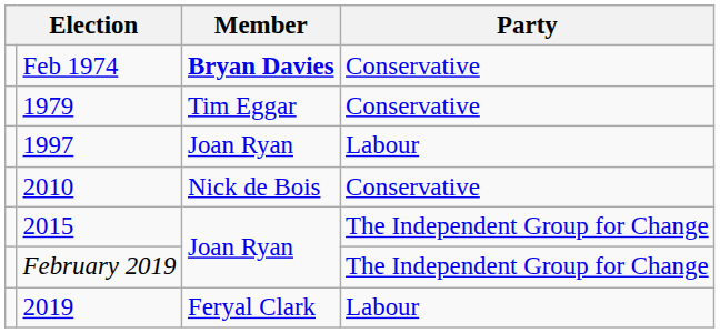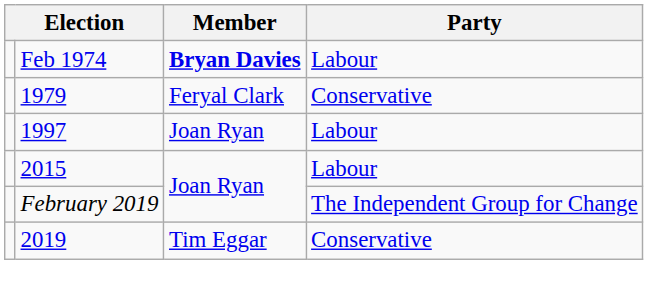 <table class="wikitable">
 <tr>
 <th colspan="2">Election</th>
 <th>Member</th>
 <th>Party</th>
 </tr>
 <tr>
 <td style="color:inherit;background-color: "></td>
 <td><a href='#'>Feb 1974</a></td>
 <td><strong><a href='#'>Bryan Davies</a></strong></td>
-<td><a href='#'>Conservative</a></td>
+<td><a href='#'>Labour</a></td>
 </tr>
 <tr>
 <td style="color:inherit;background-color: "></td>
 <td><a href='#'>1979</a></td>
-<td><a href='#'>Tim Eggar</a></td>
+<td><a href='#'>Feryal Clark</a></td>
 <td><a href='#'>Conservative</a></td>
 </tr>
 <tr>
 <td style="color:inherit;background-color: "></td>
 <td><a href='#'>1997</a></td>
 <td><a href='#'>Joan Ryan</a></td>
 <td><a href='#'>Labour</a></td>
 </tr>
 <tr>
 <td style="color:inherit;background-color: "></td>
-<td><a href='#'>2010</a></td>
-<td><a href='#'>Nick de Bois</a></td>
-<td><a href='#'>Conservative</a></td>
-</tr>
-<tr>
-<td style="color:inherit;background-color: "></td>
 <td><a href='#'>2015</a></td>
 <td rowspan="2"><a href='#'>Joan Ryan</a></td>
-<td><a href='#'>The Independent Group for Change</a></td>
+<td><a href='#'>Labour</a></td>
 </tr>
 <tr>
 <td style="color:inherit;background-color: "></td>
 <td><em>February 2019</em></td>
 <td><a href='#'>The Independent Group for Change</a></td>
 </tr>
 <tr>
 <td style="color:inherit;background-color: "></td>
 <td><a href='#'>2019</a></td>
-<td><a href='#'>Feryal Clark</a></td>
-<td><a href='#'>Labour</a></td>
+<td><a href='#'>Tim Eggar</a></td>
+<td><a href='#'>Conservative</a></td>
 </tr>
 </table>
